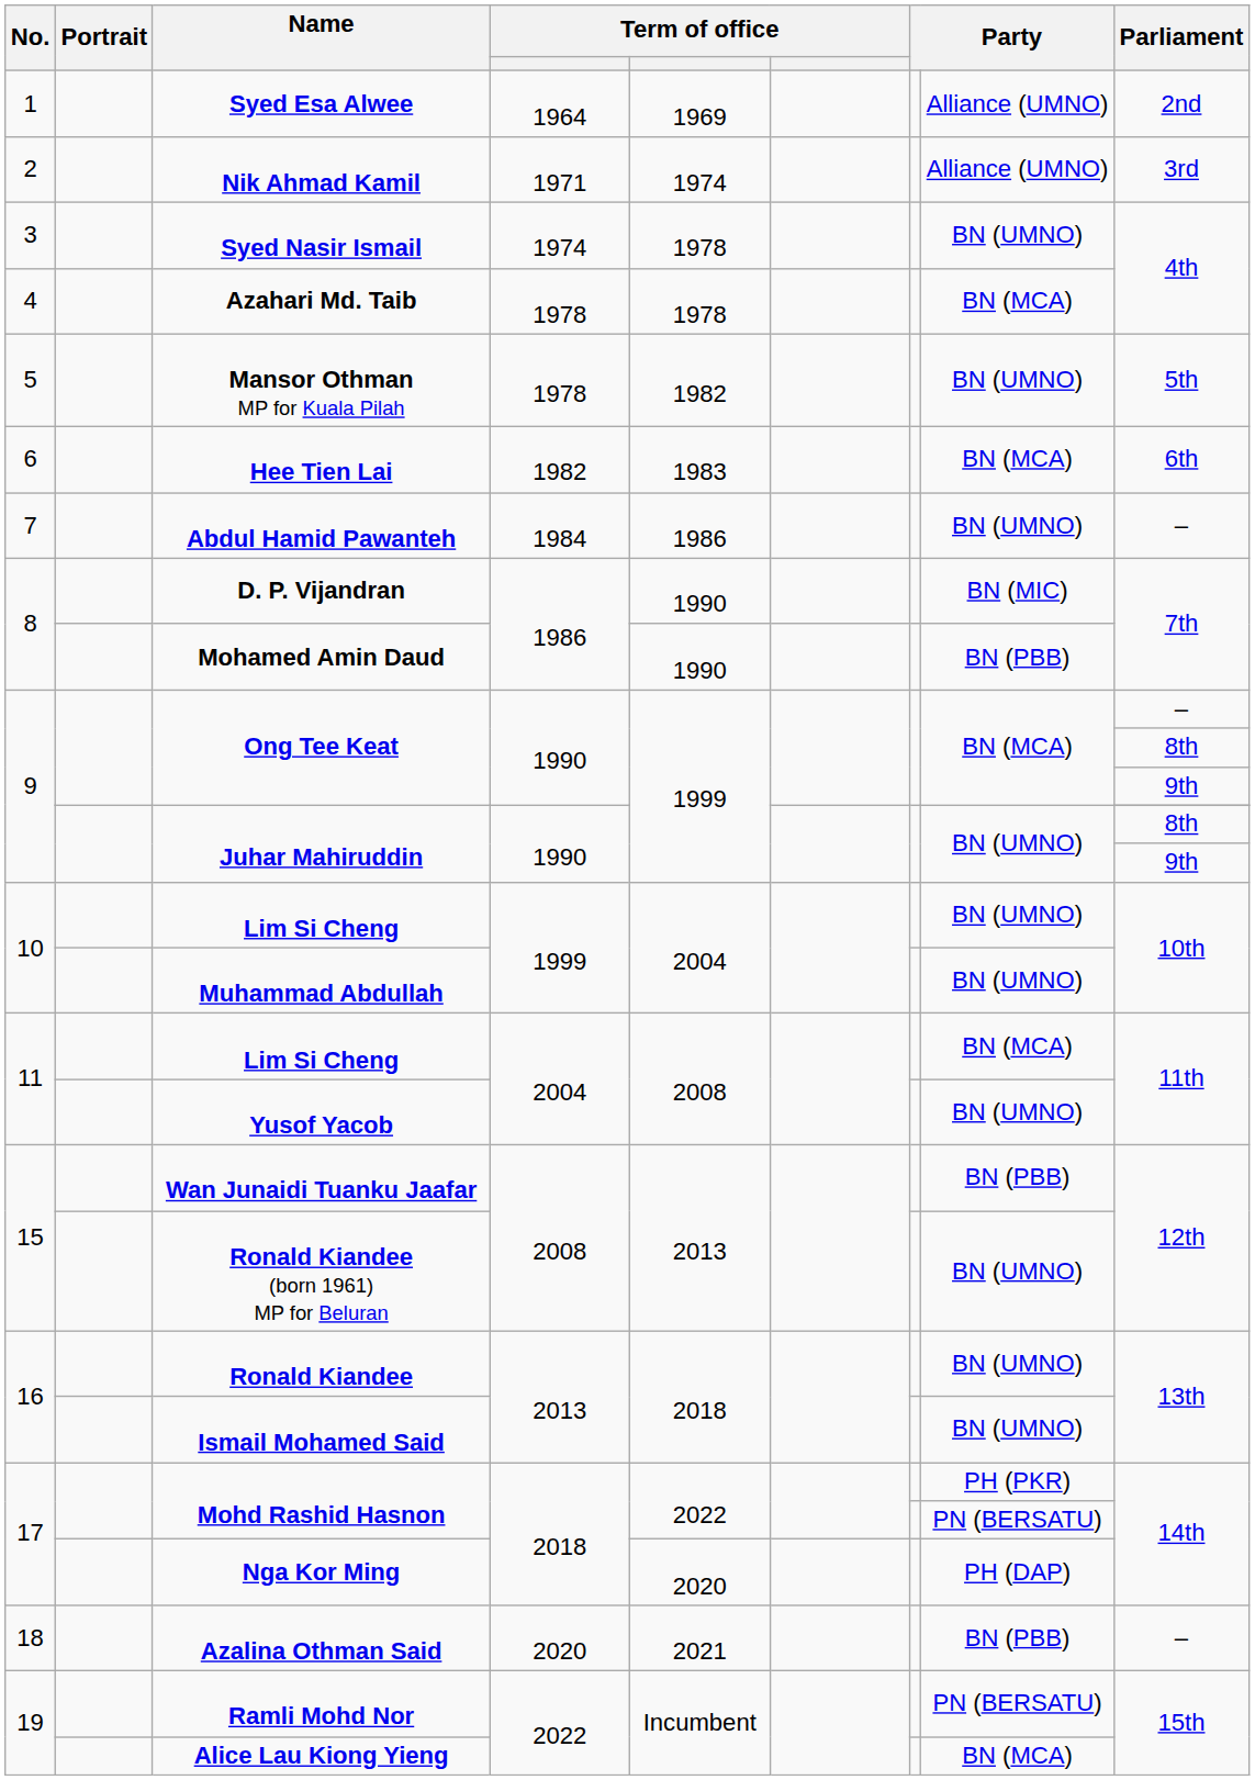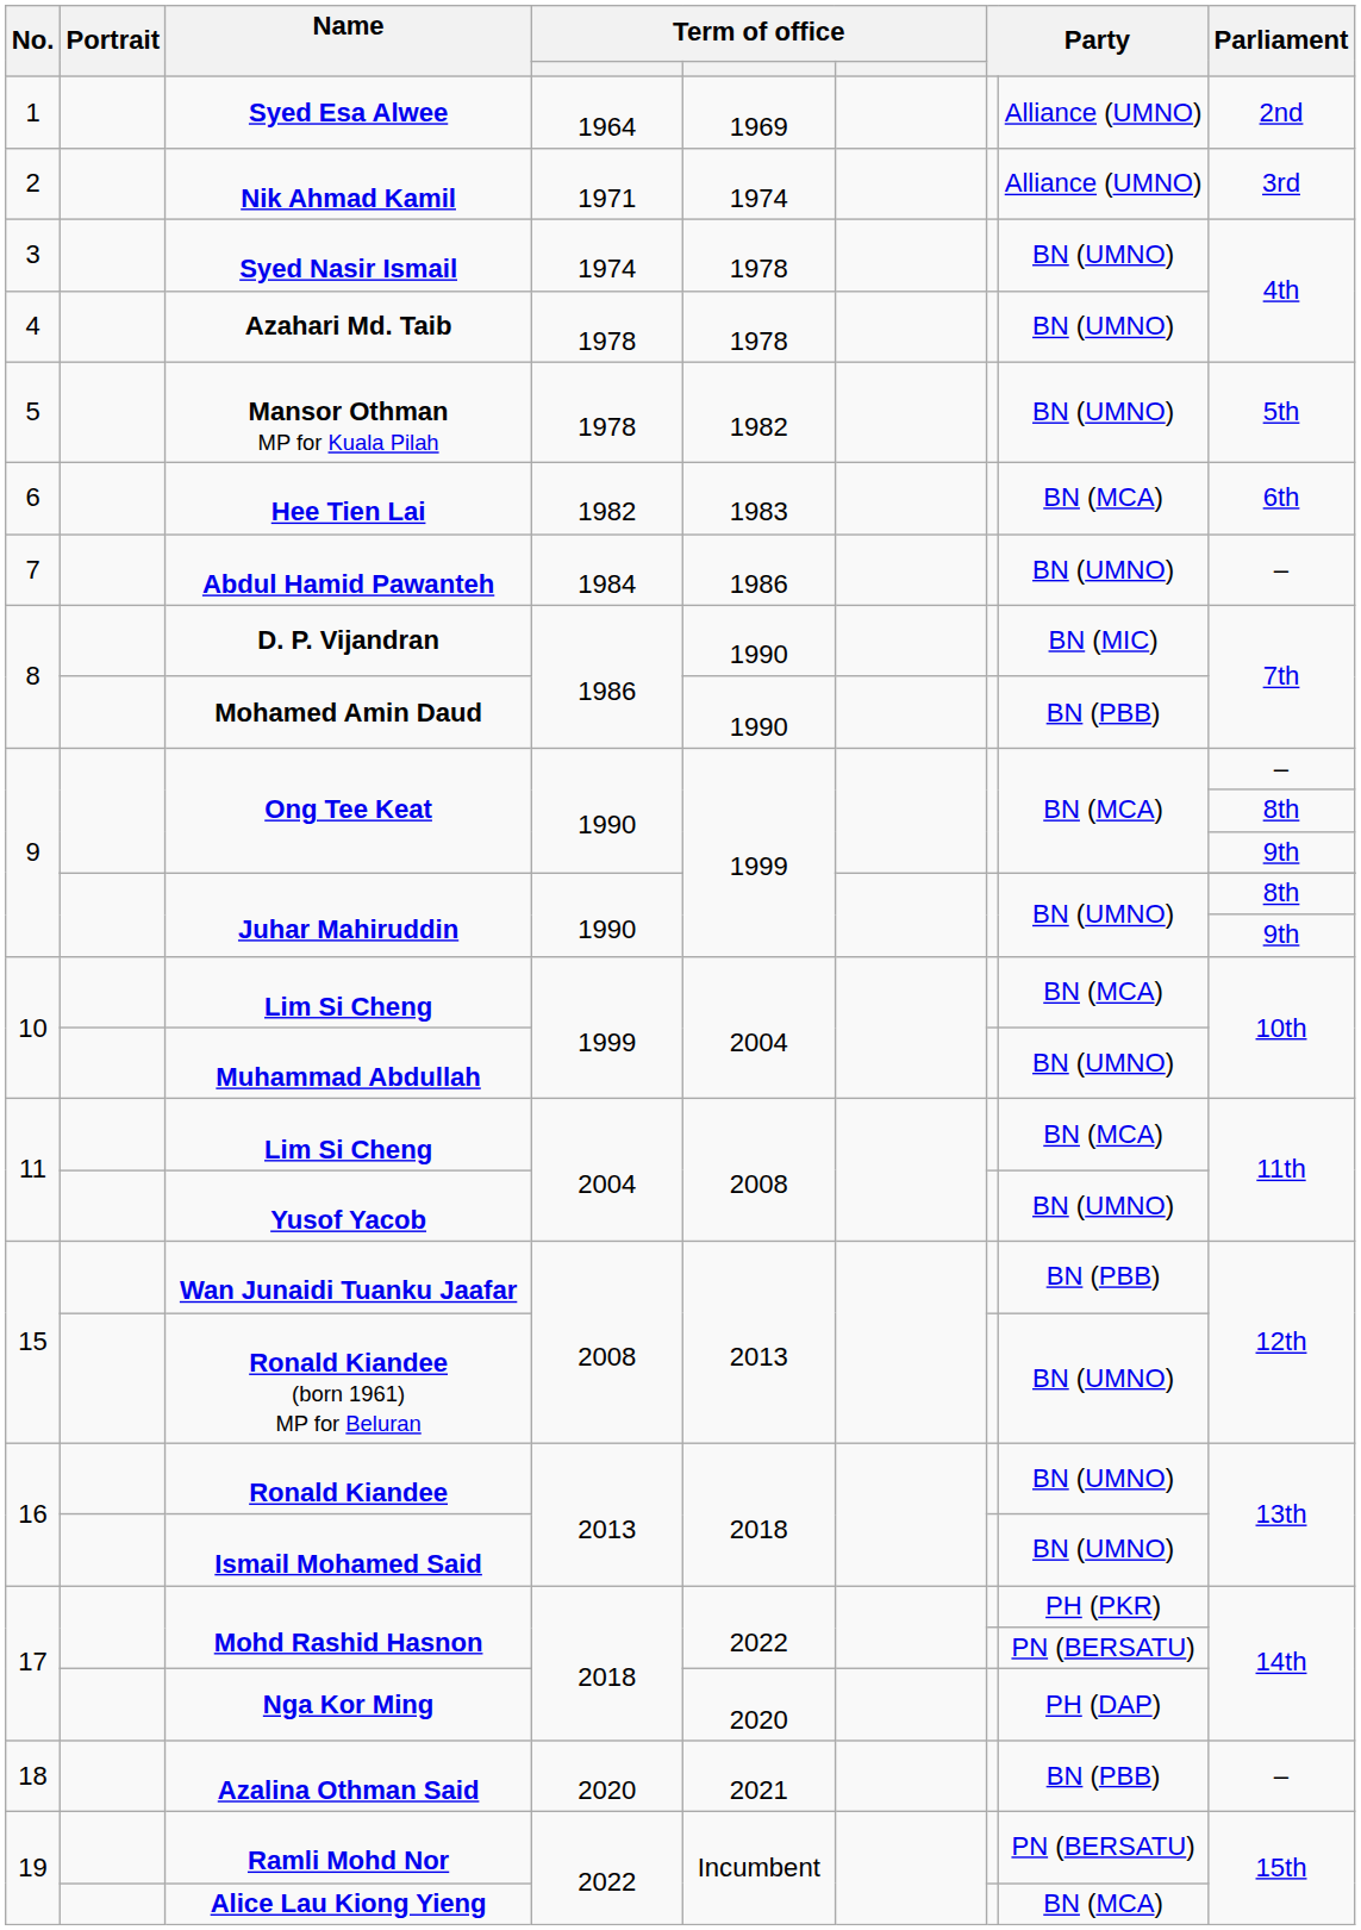 <table class="wikitable" style="text-align:center; border:1px #aaf solid;">
 <tr>
 <th rowspan="2">No.</th>
 <th rowspan="2">Portrait</th>
 <th rowspan="2" width="215">Name<br><br></th>
 <th colspan="3">Term of office</th>
 <th colspan="2" rowspan="2">Party</th>
 <th rowspan="2">Parliament</th>
 </tr>
 <tr>
 <th width="85"></th>
 <th width="85"></th>
 <th width="85"></th>
 </tr>
 <tr>
 <td>1</td>
 <td></td>
 <td><strong><a href='#'>Syed Esa Alwee</a></strong><br></td>
 <td><br>1964</td>
 <td><br>1969</td>
 <td></td>
 <td style="background:"></td>
 <td><a href='#'>Alliance</a> (<a href='#'>UMNO</a>)</td>
 <td><a href='#'>2nd</a></td>
 </tr>
 <tr>
 <td>2</td>
 <td></td>
 <td><br><strong><a href='#'>Nik Ahmad Kamil</a></strong><br></td>
 <td><br>1971</td>
 <td><br>1974</td>
 <td></td>
 <td style="background:"></td>
 <td><a href='#'>Alliance</a> (<a href='#'>UMNO</a>)</td>
 <td><a href='#'>3rd</a></td>
 </tr>
 <tr>
 <td>3</td>
 <td></td>
 <td><br><strong><a href='#'>Syed Nasir Ismail</a></strong><br></td>
 <td><br>1974</td>
 <td><br>1978</td>
 <td></td>
 <td style="background:"></td>
 <td><a href='#'>BN</a> (<a href='#'>UMNO</a>)</td>
 <td rowspan="2"><a href='#'>4th</a></td>
 </tr>
 <tr>
 <td>4</td>
 <td></td>
 <td><strong>Azahari Md. Taib</strong><br></td>
 <td><br>1978</td>
 <td><br>1978</td>
 <td></td>
 <td style="background:"></td>
-<td><a href='#'>BN</a> (<a href='#'>MCA</a>)</td>
+<td><a href='#'>BN</a> (<a href='#'>UMNO</a>)</td>
 </tr>
 <tr>
 <td>5</td>
 <td></td>
 <td><br><strong>Mansor Othman</strong><br><small>MP for <a href='#'>Kuala Pilah</a></small></td>
 <td><br>1978</td>
 <td><br>1982</td>
 <td></td>
 <td style="background:"></td>
 <td><a href='#'>BN</a> (<a href='#'>UMNO</a>)</td>
 <td><a href='#'>5th</a></td>
 </tr>
 <tr>
 <td>6</td>
 <td></td>
 <td><br><strong><a href='#'>Hee Tien Lai</a></strong><br></td>
 <td><br>1982</td>
 <td><br>1983</td>
 <td></td>
 <td style="background:"></td>
 <td><a href='#'>BN</a> (<a href='#'>MCA</a>)</td>
 <td><a href='#'>6th</a></td>
 </tr>
 <tr>
 <td>7</td>
 <td></td>
 <td><br><strong><a href='#'>Abdul Hamid Pawanteh</a></strong><br></td>
 <td><br>1984</td>
 <td><br>1986</td>
 <td></td>
 <td style="background:"></td>
 <td><a href='#'>BN</a> (<a href='#'>UMNO</a>)</td>
 <td>–</td>
 </tr>
 <tr>
 <td rowspan=2>8</td>
 <td></td>
 <td><strong>D. P. Vijandran</strong><br></td>
 <td rowspan=2><br>1986</td>
 <td><br>1990</td>
 <td></td>
 <td style="background:"></td>
 <td><a href='#'>BN</a> (<a href='#'>MIC</a>)</td>
 <td rowspan=2><a href='#'>7th</a></td>
 </tr>
 <tr>
 <td></td>
 <td><strong>Mohamed Amin Daud</strong><br></td>
 <td><br>1990</td>
 <td></td>
 <td style="background:"></td>
 <td><a href='#'>BN</a> (<a href='#'>PBB</a>)</td>
 </tr>
 <tr>
 <td rowspan=6>9</td>
 <td rowspan=3></td>
 <td rowspan=3><strong><a href='#'>Ong Tee Keat</a></strong><br></td>
 <td rowspan=3><br>1990</td>
 <td rowspan=6><br>1999</td>
 <td rowspan=3></td>
 <td rowspan=3 style="background:"></td>
 <td rowspan=3><a href='#'>BN</a> (<a href='#'>MCA</a>)</td>
 <td>–</td>
 </tr>
 <tr>
 <td><a href='#'>8th</a></td>
 </tr>
 <tr>
 <td><a href='#'>9th</a></td>
 </tr>
 <tr>
 <td rowspan=3></td>
 <td rowspan=3><br><strong><a href='#'>Juhar Mahiruddin</a></strong><br></td>
 <td rowspan=3><br>1990</td>
 <td rowspan=3></td>
 <td rowspan=3 style="background:"></td>
 <td rowspan=3><a href='#'>BN</a> (<a href='#'>UMNO</a>)</td>
 </tr>
 <tr>
 <td><a href='#'>8th</a></td>
 </tr>
 <tr>
 <td><a href='#'>9th</a></td>
 </tr>
 <tr>
 <td rowspan=2>10</td>
 <td></td>
 <td><br><strong><a href='#'>Lim Si Cheng</a></strong><br></td>
 <td rowspan=2><br>1999</td>
 <td rowspan=2><br>2004</td>
 <td rowspan=2></td>
 <td style="background:"></td>
-<td><a href='#'>BN</a> (<a href='#'>UMNO</a>)</td>
+<td><a href='#'>BN</a> (<a href='#'>MCA</a>)</td>
 <td rowspan=2><a href='#'>10th</a></td>
 </tr>
 <tr>
 <td></td>
 <td><br><strong><a href='#'>Muhammad Abdullah</a></strong><br></td>
 <td style="background:"></td>
 <td><a href='#'>BN</a> (<a href='#'>UMNO</a>)</td>
 </tr>
 <tr>
 <td rowspan=2>11</td>
 <td></td>
 <td><br><strong><a href='#'>Lim Si Cheng</a></strong><br></td>
 <td rowspan=2><br>2004</td>
 <td rowspan=2><br>2008</td>
 <td rowspan=2></td>
 <td style="background:"></td>
 <td><a href='#'>BN</a> (<a href='#'>MCA</a>)</td>
 <td rowspan=2><a href='#'>11th</a></td>
 </tr>
 <tr>
 <td></td>
 <td><br><strong><a href='#'>Yusof Yacob</a></strong><br></td>
 <td style="background:"></td>
 <td><a href='#'>BN</a> (<a href='#'>UMNO</a>)</td>
 </tr>
 <tr>
 <td rowspan=2>15</td>
 <td></td>
 <td><br><strong><a href='#'>Wan Junaidi Tuanku Jaafar</a></strong><br></td>
 <td rowspan=2><br>2008</td>
 <td rowspan=2><br>2013</td>
 <td rowspan=2></td>
 <td style="background:"></td>
 <td><a href='#'>BN</a> (<a href='#'>PBB</a>)</td>
 <td rowspan="2"><a href='#'>12th</a></td>
 </tr>
 <tr>
 <td></td>
 <td><br><strong><a href='#'>Ronald Kiandee</a></strong><br><small>(born 1961)</small><br><small>MP for <a href='#'>Beluran</a></small></td>
 <td style="background:"></td>
 <td><a href='#'>BN</a> (<a href='#'>UMNO</a>)</td>
 </tr>
 <tr>
 <td rowspan=2>16</td>
 <td></td>
 <td><br><strong><a href='#'>Ronald Kiandee</a></strong><br></td>
 <td rowspan=2><br>2013</td>
 <td rowspan=2><br>2018</td>
 <td rowspan=2></td>
 <td style="background:"></td>
 <td><a href='#'>BN</a> (<a href='#'>UMNO</a>)</td>
 <td rowspan=2><a href='#'>13th</a></td>
 </tr>
 <tr>
 <td></td>
 <td><br><strong><a href='#'>Ismail Mohamed Said</a></strong><br></td>
 <td style="background:"></td>
 <td><a href='#'>BN</a> (<a href='#'>UMNO</a>)</td>
 </tr>
 <tr>
 <td rowspan=3>17</td>
 <td rowspan=2></td>
 <td rowspan=2><br><strong><a href='#'>Mohd Rashid Hasnon</a></strong><br></td>
 <td rowspan=3><br>2018</td>
 <td rowspan=2><br>2022</td>
 <td rowspan=2></td>
 <td style="background:"></td>
 <td><a href='#'>PH</a> (<a href='#'>PKR</a>)</td>
 <td rowspan=3><a href='#'>14th</a></td>
 </tr>
 <tr>
 <td style="background:"></td>
 <td><a href='#'>PN</a> (<a href='#'>BERSATU</a>)</td>
 </tr>
 <tr>
 <td></td>
 <td><strong><a href='#'>Nga Kor Ming</a></strong></td>
 <td><br>2020</td>
 <td></td>
 <td style="background:"></td>
 <td><a href='#'>PH</a> (<a href='#'>DAP</a>)</td>
 </tr>
 <tr>
 <td>18</td>
 <td></td>
 <td><br><strong><a href='#'>Azalina Othman Said</a></strong><br></td>
 <td><br>2020</td>
 <td><br>2021</td>
 <td></td>
 <td style="background:"></td>
 <td><a href='#'>BN</a> (<a href='#'>PBB</a>)</td>
 <td>–</td>
 </tr>
 <tr>
 <td rowspan=2>19</td>
 <td></td>
 <td><br><strong><a href='#'>Ramli Mohd Nor</a></strong><br></td>
 <td rowspan=2><br>2022</td>
 <td rowspan=2>Incumbent</td>
 <td rowspan=2></td>
 <td style="background:"></td>
 <td><a href='#'>PN</a> (<a href='#'>BERSATU</a>)</td>
 <td rowspan=2><a href='#'>15th</a></td>
 </tr>
 <tr>
 <td></td>
 <td><strong><a href='#'>Alice Lau Kiong Yieng</a></strong><br></td>
 <td style="background:"></td>
 <td><a href='#'>BN</a> (<a href='#'>MCA</a>)</td>
 </tr>
 </table>
